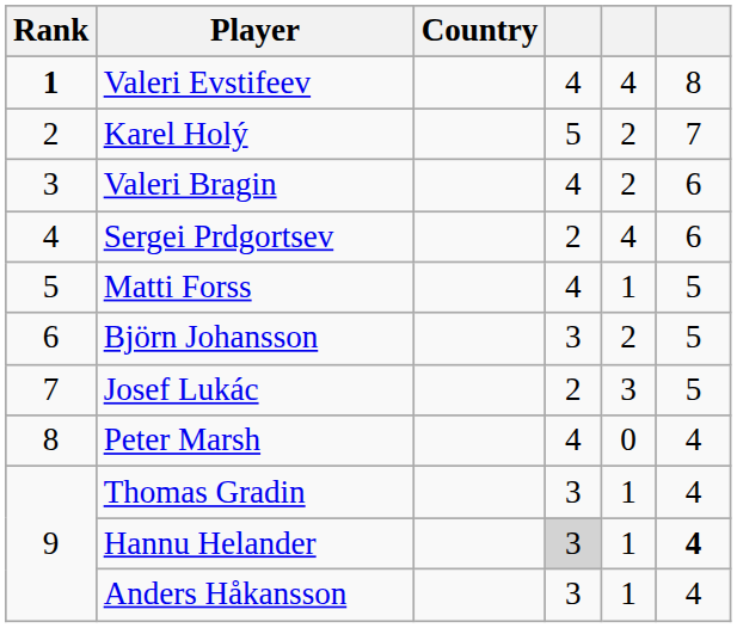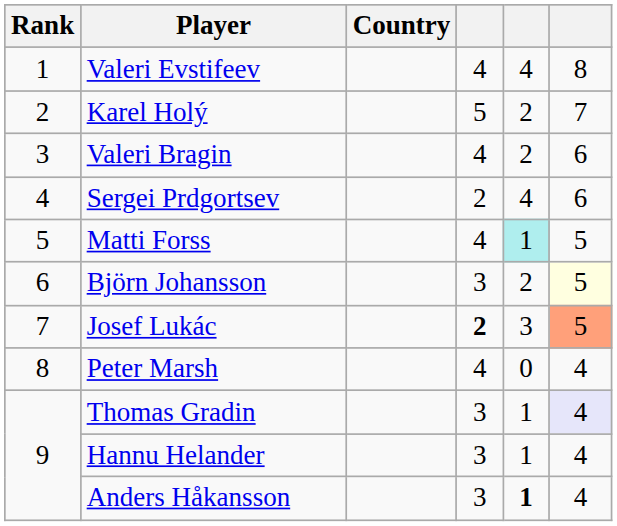 <table class="wikitable sortable" style="text-align: center;">
 <tr>
 <th width=30>Rank</th>
 <th width=150>Player</th>
 <th>Country</th>
 <th width=20></th>
 <th width=20></th>
 <th width=30></th>
 </tr>
 <tr>
-<td><strong>1</strong></td>
+<td>1</td>
 <td align=left><a href='#'>Valeri Evstifeev</a></td>
 <td align=left></td>
 <td>4</td>
 <td>4</td>
 <td>8</td>
 </tr>
 <tr>
 <td>2</td>
 <td align=left><a href='#'>Karel Holý</a></td>
 <td align=left></td>
 <td>5</td>
 <td>2</td>
 <td>7</td>
 </tr>
 <tr>
 <td>3</td>
 <td align=left><a href='#'>Valeri Bragin</a></td>
 <td align=left></td>
 <td>4</td>
 <td>2</td>
 <td>6</td>
 </tr>
 <tr>
 <td>4</td>
 <td align=left><a href='#'>Sergei Prdgortsev</a></td>
 <td align=left></td>
 <td>2</td>
 <td>4</td>
 <td>6</td>
 </tr>
 <tr>
 <td>5</td>
 <td align=left><a href='#'>Matti Forss</a></td>
 <td align=left></td>
 <td>4</td>
-<td>1</td>
+<td style="background: paleturquoise;">1</td>
 <td>5</td>
 </tr>
 <tr>
 <td>6</td>
 <td align=left><a href='#'>Björn Johansson</a></td>
 <td align=left></td>
 <td>3</td>
 <td>2</td>
-<td>5</td>
+<td style="background: lightyellow;">5</td>
 </tr>
 <tr>
 <td>7</td>
 <td align=left><a href='#'>Josef Lukác</a></td>
 <td align=left></td>
-<td>2</td>
+<td><strong>2</strong></td>
 <td>3</td>
-<td>5</td>
+<td style="background: lightsalmon;">5</td>
 </tr>
 <tr>
 <td>8</td>
 <td align=left><a href='#'>Peter Marsh</a></td>
 <td align=left></td>
 <td>4</td>
 <td>0</td>
 <td>4</td>
 </tr>
 <tr>
 <td rowspan=3>9</td>
 <td align=left><a href='#'>Thomas Gradin</a></td>
 <td align=left></td>
 <td>3</td>
 <td>1</td>
-<td>4</td>
+<td style="background: lavender;">4</td>
 </tr>
 <tr>
 <td align=left><a href='#'>Hannu Helander</a></td>
 <td align=left></td>
-<td style="background: lightgrey;">3</td>
+<td>3</td>
 <td>1</td>
-<td><strong>4</strong></td>
+<td>4</td>
 </tr>
 <tr>
 <td align=left><a href='#'>Anders Håkansson</a></td>
 <td align=left></td>
 <td>3</td>
-<td>1</td>
+<td><strong>1</strong></td>
 <td>4</td>
 </tr>
 </table>
